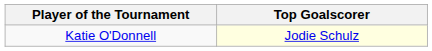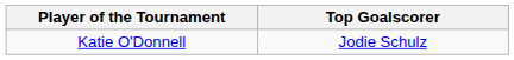 <table class=wikitable style="margin:auto; text-align:center">
 <tr>
 <th style="width: 250px;">Player of the Tournament</th>
 <th style="width: 250px;">Top Goalscorer</th>
 </tr>
 <tr>
 <td> <a href='#'>Katie O'Donnell</a></td>
-<td style="background: lightyellow;"> <a href='#'>Jodie Schulz</a></td>
+<td> <a href='#'>Jodie Schulz</a></td>
 </tr>
 </table>
